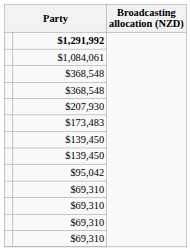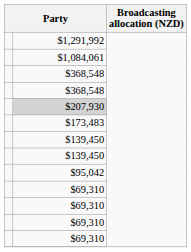 <table class="wikitable">
 <tr>
 <th colspan="2" style="width:150px">Party</th>
 <th>Broadcasting<br>allocation (NZD)</th>
 </tr>
 <tr>
 <td></td>
-<td style="text-align:right;"><strong>$1,291,992</strong></td>
+<td style="text-align:right;">$1,291,992</td>
 </tr>
 <tr>
 <td></td>
 <td style="text-align:right;">$1,084,061</td>
 </tr>
 <tr>
 <td></td>
 <td style="text-align:right;">$368,548</td>
 </tr>
 <tr>
 <td></td>
 <td style="text-align:right;">$368,548</td>
 </tr>
 <tr>
 <td></td>
-<td style="text-align:right;">$207,930</td>
+<td style="background: lightgrey; text-align:right;">$207,930</td>
 </tr>
 <tr>
 <td></td>
 <td style="text-align:right;">$173,483</td>
 </tr>
 <tr>
 <td></td>
 <td style="text-align:right;">$139,450</td>
 </tr>
 <tr>
 <td></td>
 <td style="text-align:right;">$139,450</td>
 </tr>
 <tr>
 <td></td>
 <td style="text-align:right;">$95,042</td>
 </tr>
 <tr>
 <td></td>
 <td style="text-align:right;">$69,310</td>
 </tr>
 <tr>
 <td></td>
 <td style="text-align:right;">$69,310</td>
 </tr>
 <tr>
 <td></td>
 <td style="text-align:right;">$69,310</td>
 </tr>
 <tr>
 <td></td>
 <td style="text-align:right;">$69,310</td>
 </tr>
 <tr>
 </tr>
 </table>
